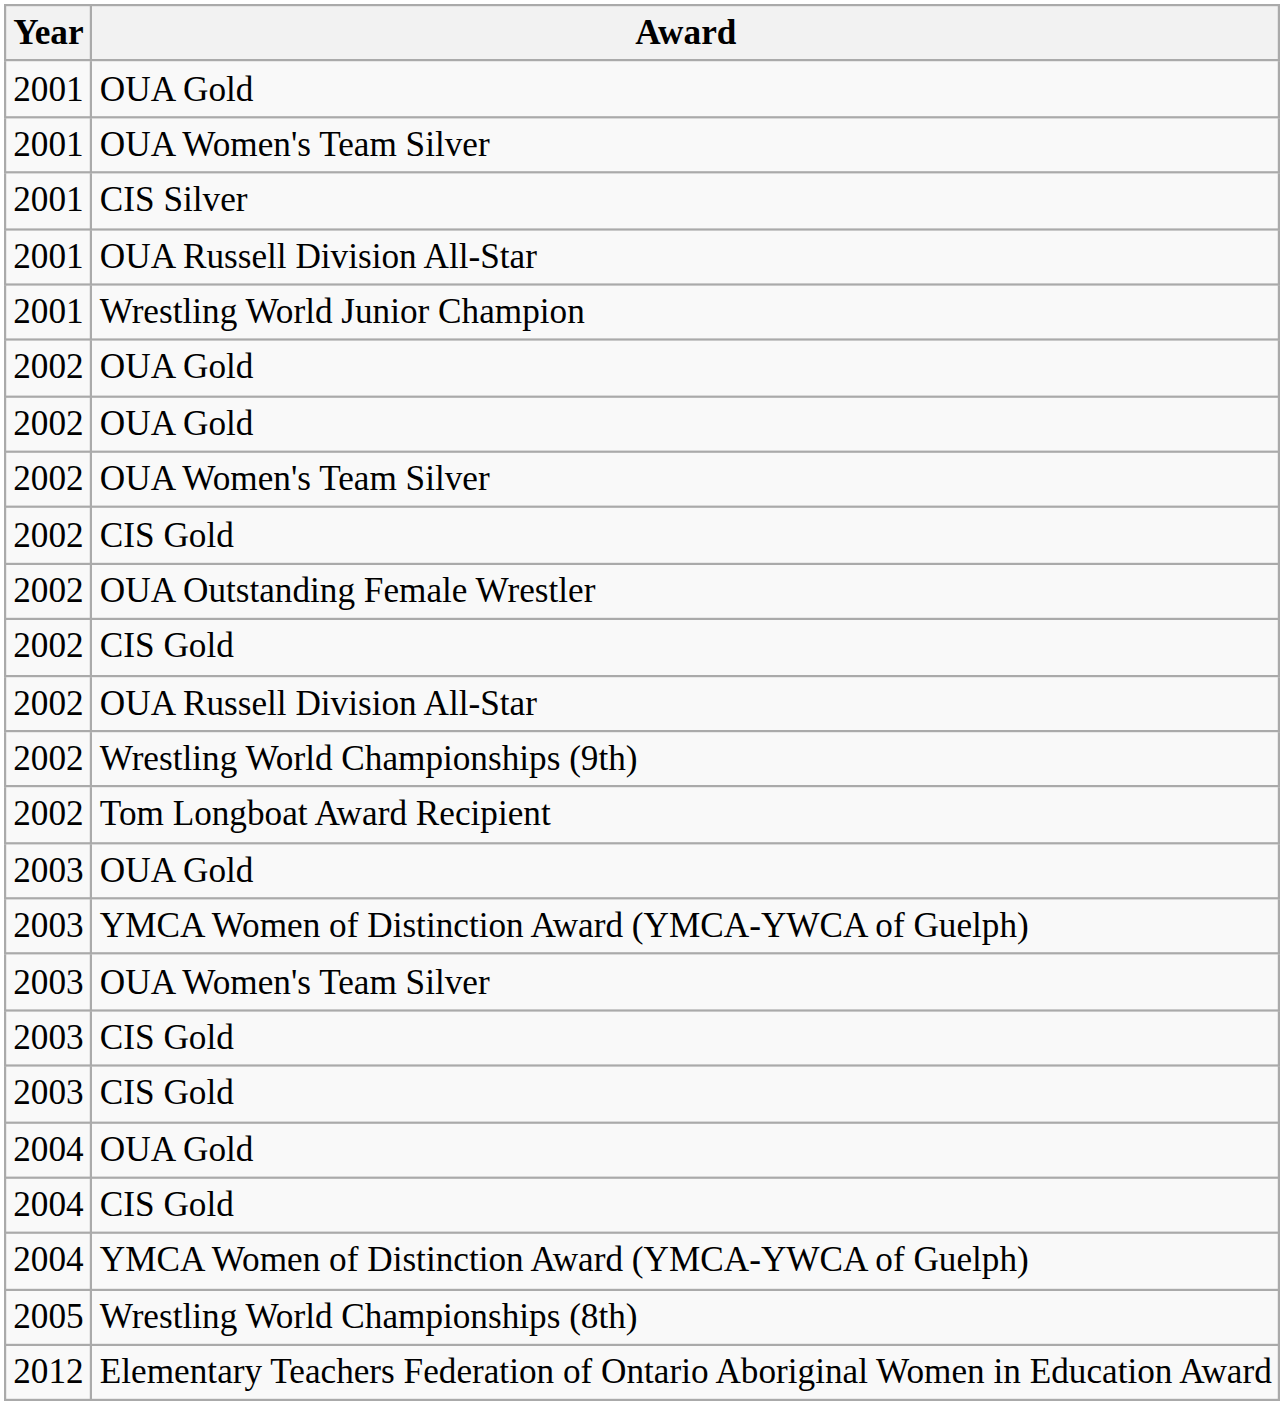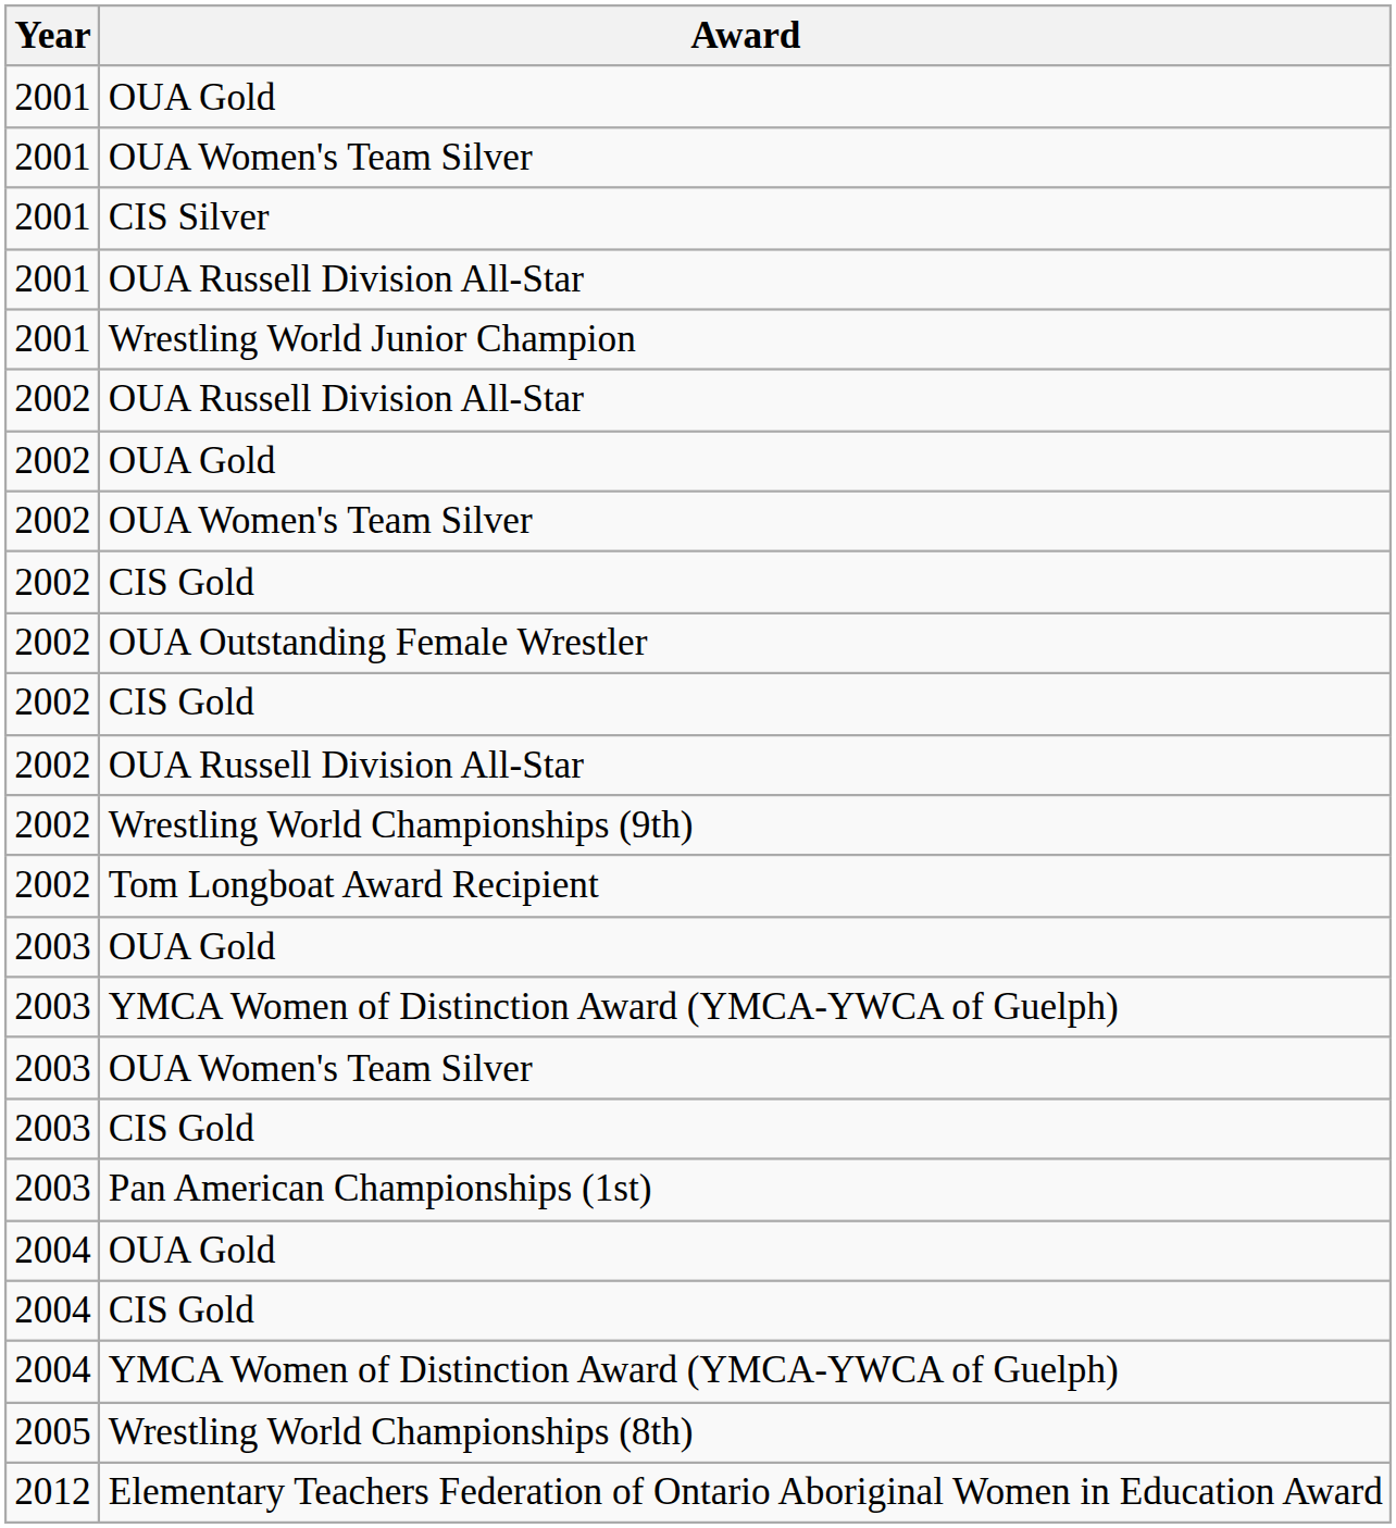 <table class="wikitable">
 <tr>
 <th>Year</th>
 <th>Award</th>
 </tr>
 <tr>
 <td>2001</td>
 <td>OUA Gold</td>
 </tr>
 <tr>
 <td>2001</td>
 <td>OUA Women's Team Silver</td>
 </tr>
 <tr>
 <td>2001</td>
 <td>CIS Silver</td>
 </tr>
 <tr>
 <td>2001</td>
 <td>OUA Russell Division All-Star</td>
 </tr>
 <tr>
 <td>2001</td>
 <td>Wrestling World Junior Champion</td>
 </tr>
 <tr>
 <td>2002</td>
-<td>OUA Gold</td>
+<td>OUA Russell Division All-Star</td>
 </tr>
 <tr>
 <td>2002</td>
 <td>OUA Gold</td>
 </tr>
 <tr>
 <td>2002</td>
 <td>OUA Women's Team Silver</td>
 </tr>
 <tr>
 <td>2002</td>
 <td>CIS Gold</td>
 </tr>
 <tr>
 <td>2002</td>
 <td>OUA Outstanding Female Wrestler</td>
 </tr>
 <tr>
 <td>2002</td>
 <td>CIS Gold</td>
 </tr>
 <tr>
 <td>2002</td>
 <td>OUA Russell Division All-Star</td>
 </tr>
 <tr>
 <td>2002</td>
 <td>Wrestling World Championships (9th)</td>
 </tr>
 <tr>
 <td>2002</td>
 <td>Tom Longboat Award Recipient</td>
 </tr>
 <tr>
 <td>2003</td>
 <td>OUA Gold</td>
 </tr>
 <tr>
 <td>2003</td>
 <td>YMCA Women of Distinction Award (YMCA-YWCA of Guelph)</td>
 </tr>
 <tr>
 <td>2003</td>
 <td>OUA Women's Team Silver</td>
 </tr>
 <tr>
 <td>2003</td>
 <td>CIS Gold</td>
 </tr>
 <tr>
 <td>2003</td>
-<td>CIS Gold</td>
+<td>Pan American Championships (1st)</td>
 </tr>
 <tr>
 <td>2004</td>
 <td>OUA Gold</td>
 </tr>
 <tr>
 <td>2004</td>
 <td>CIS Gold</td>
 </tr>
 <tr>
 <td>2004</td>
 <td>YMCA Women of Distinction Award (YMCA-YWCA of Guelph)</td>
 </tr>
 <tr>
 <td>2005</td>
 <td>Wrestling World Championships (8th)</td>
 </tr>
 <tr>
 <td>2012</td>
 <td>Elementary Teachers Federation of Ontario Aboriginal Women in Education Award</td>
 </tr>
 </table>
